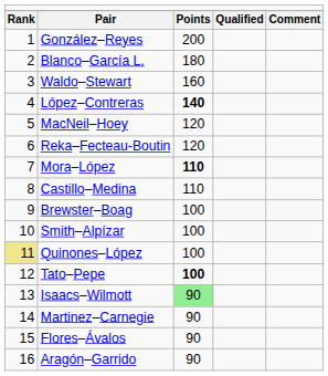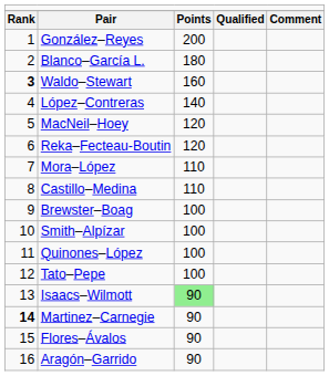 <table class="wikitable">
 <tr>
 <td colspan=5 align="center"></td>
 </tr>
 <tr>
 </tr>
 <tr style="font-size:10pt;font-weight:bold">
 <th>Rank</th>
 <th>Pair</th>
 <th>Points</th>
 <th>Qualified</th>
 <th>Comment</th>
 </tr>
 <tr>
 <td align=right>1</td>
 <td> <a href='#'>González</a>–<a href='#'>Reyes</a></td>
 <td align=center>200</td>
 <td></td>
 <td></td>
 </tr>
 <tr>
 <td align=right>2</td>
 <td> <a href='#'>Blanco</a>–<a href='#'>García L.</a></td>
 <td align=center>180</td>
 <td></td>
 <td></td>
 </tr>
 <tr>
-<td align=right>3</td>
+<td align=right><strong>3</strong></td>
 <td> <a href='#'>Waldo</a>–<a href='#'>Stewart</a></td>
 <td align=center>160</td>
 <td></td>
 <td></td>
 </tr>
 <tr>
 <td align=right>4</td>
 <td> <a href='#'>López</a>–<a href='#'>Contreras</a></td>
-<td align=center><strong>140</strong></td>
+<td align=center>140</td>
 <td></td>
 <td></td>
 </tr>
 <tr>
 <td align=right>5</td>
 <td> <a href='#'>MacNeil</a>–<a href='#'>Hoey</a></td>
 <td align=center>120</td>
 <td></td>
 <td></td>
 </tr>
 <tr>
 <td align=right>6</td>
 <td> <a href='#'>Reka</a>–<a href='#'>Fecteau-Boutin</a></td>
 <td align=center>120</td>
 <td></td>
 <td></td>
 </tr>
 <tr>
 <td align=right>7</td>
 <td> <a href='#'>Mora</a>–<a href='#'>López</a></td>
-<td align=center><strong>110</strong></td>
+<td align=center>110</td>
 <td></td>
 <td></td>
 </tr>
 <tr>
 <td align=right>8</td>
 <td> <a href='#'>Castillo</a>–<a href='#'>Medina</a></td>
 <td align=center>110</td>
 <td></td>
 <td></td>
 </tr>
 <tr>
 <td align=right>9</td>
 <td> <a href='#'>Brewster</a>–<a href='#'>Boag</a></td>
 <td align=center>100</td>
 <td></td>
 <td></td>
 </tr>
 <tr>
 <td align=right>10</td>
 <td> <a href='#'>Smith</a>–<a href='#'>Alpízar</a></td>
 <td align=center>100</td>
 <td></td>
 <td></td>
 </tr>
 <tr>
-<td align=right style="background: khaki;">11</td>
+<td align=right>11</td>
 <td> <a href='#'>Quinones</a>–<a href='#'>López</a></td>
 <td align=center>100</td>
 <td></td>
 <td></td>
 </tr>
 <tr>
 <td align=right>12</td>
 <td> <a href='#'>Tato</a>–<a href='#'>Pepe</a></td>
-<td align=center><strong>100</strong></td>
+<td align=center>100</td>
 <td></td>
 <td></td>
 </tr>
 <tr>
 <td align=right>13</td>
 <td> <a href='#'>Isaacs</a>–<a href='#'>Wilmott</a></td>
 <td align=center style="background: lightgreen;">90</td>
 <td></td>
 <td></td>
 </tr>
 <tr>
-<td align=right>14</td>
+<td align=right><strong>14</strong></td>
 <td> <a href='#'>Martinez</a>–<a href='#'>Carnegie</a></td>
 <td align=center>90</td>
 <td></td>
 <td></td>
 </tr>
 <tr>
 <td align=right>15</td>
 <td> <a href='#'>Flores</a>–<a href='#'>Ávalos</a></td>
 <td align=center>90</td>
 <td></td>
 <td></td>
 </tr>
 <tr>
 <td align=right>16</td>
 <td> <a href='#'>Aragón</a>–<a href='#'>Garrido</a></td>
 <td align=center>90</td>
 <td></td>
 <td></td>
 </tr>
 </table>
